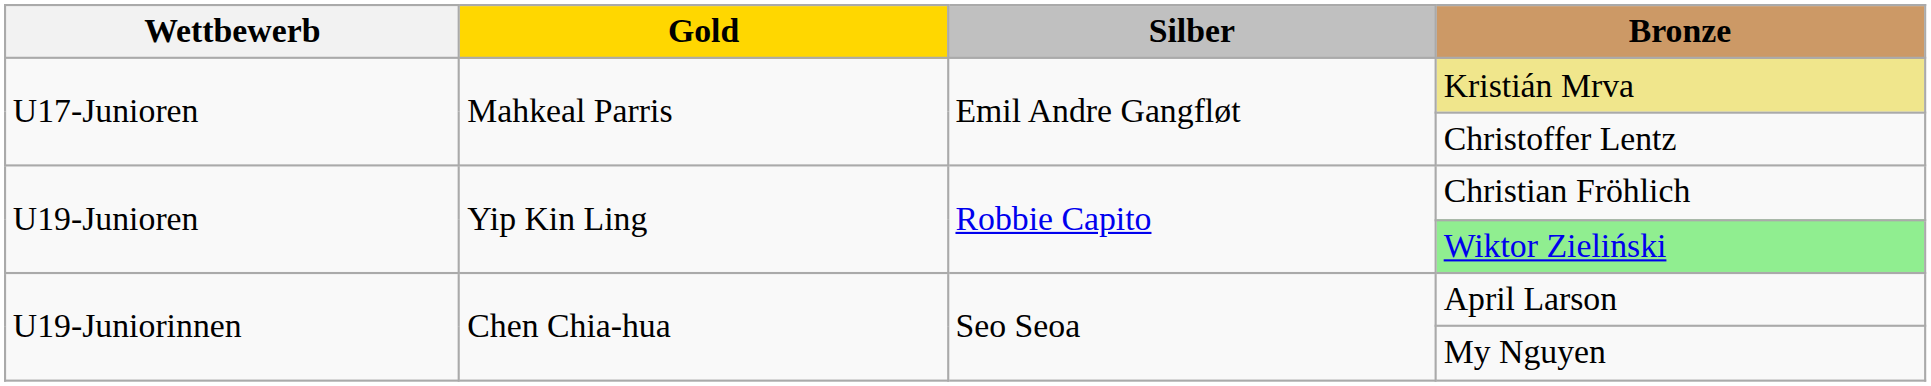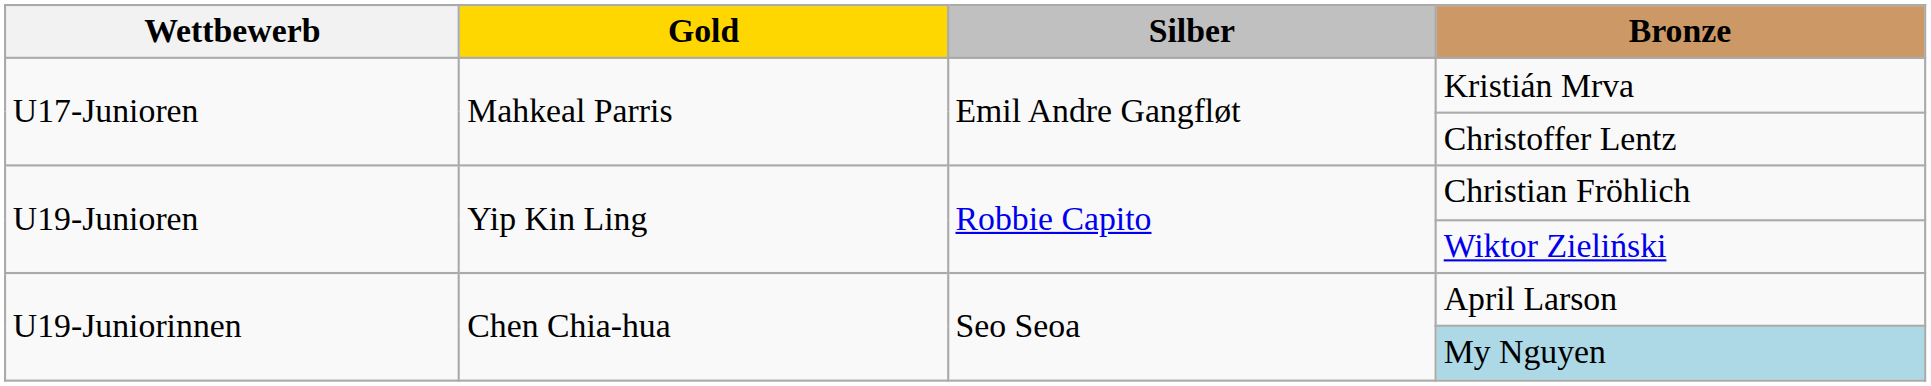 <table class="wikitable sortable">
 <tr>
 <th style="width:13em">Wettbewerb</th>
 <th style="background:gold; width:14em;">Gold</th>
 <th style="background:silver; width:14em;">Silber</th>
 <th style="background:#CC9966; width:14em;">Bronze</th>
 </tr>
 <tr>
 <td rowspan="2">U17-Junioren</td>
 <td rowspan="2"> Mahkeal Parris</td>
 <td rowspan="2"> Emil Andre Gangfløt</td>
-<td style="background: khaki;"> Kristián Mrva</td>
+<td> Kristián Mrva</td>
 </tr>
 <tr>
 <td> Christoffer Lentz</td>
 </tr>
 <tr>
 <td rowspan="2">U19-Junioren</td>
 <td rowspan="2"> Yip Kin Ling</td>
 <td rowspan="2"> <a href='#'>Robbie Capito</a></td>
 <td> Christian Fröhlich</td>
 </tr>
 <tr>
-<td style="background: lightgreen;"> <a href='#'>Wiktor Zieliński</a></td>
+<td> <a href='#'>Wiktor Zieliński</a></td>
 </tr>
 <tr>
 <td rowspan="2">U19-Juniorinnen</td>
 <td rowspan="2"> Chen Chia-hua</td>
 <td rowspan="2"> Seo Seoa</td>
 <td> April Larson</td>
 </tr>
 <tr>
-<td> My Nguyen</td>
+<td style="background: lightblue;"> My Nguyen</td>
 </tr>
 </table>
